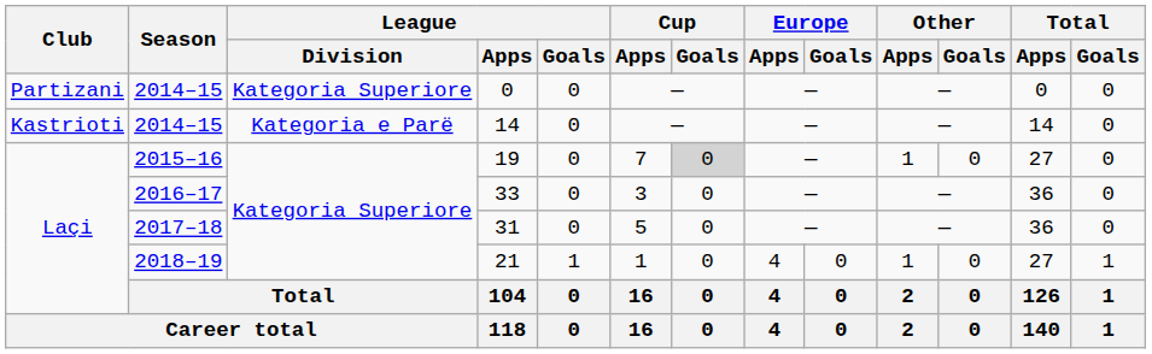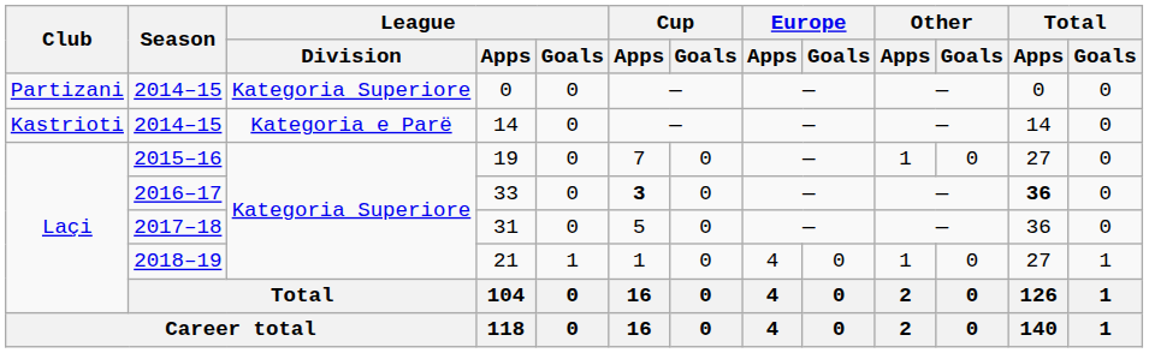 <table class="wikitable" style="text-align: center;">
 <tr>
 <th rowspan="2">Club</th>
 <th rowspan="2">Season</th>
 <th colspan="3">League</th>
 <th colspan="2">Cup</th>
 <th colspan="2"><a href='#'>Europe</a></th>
 <th colspan="2">Other</th>
 <th colspan="2">Total</th>
 </tr>
 <tr>
 <th>Division</th>
 <th>Apps</th>
 <th>Goals</th>
 <th>Apps</th>
 <th>Goals</th>
 <th>Apps</th>
 <th>Goals</th>
 <th>Apps</th>
 <th>Goals</th>
 <th>Apps</th>
 <th>Goals</th>
 </tr>
 <tr>
 <td rowspan="1" valign="center"><a href='#'>Partizani</a></td>
 <td><a href='#'>2014–15</a></td>
 <td rowspan="1" valign="center"><a href='#'>Kategoria Superiore</a></td>
 <td>0</td>
 <td>0</td>
 <td colspan="2">—</td>
 <td colspan="2">—</td>
 <td colspan="2">—</td>
 <td>0</td>
 <td>0</td>
 </tr>
 <tr>
 <td rowspan="1" valign="center"><a href='#'>Kastrioti</a></td>
 <td><a href='#'>2014–15</a></td>
 <td rowspan="1" valign="center"><a href='#'>Kategoria e Parë</a></td>
 <td>14</td>
 <td>0</td>
 <td colspan="2">—</td>
 <td colspan="2">—</td>
 <td colspan="2">—</td>
 <td>14</td>
 <td>0</td>
 </tr>
 <tr>
 <td rowspan="5" valign="center"><a href='#'>Laçi</a></td>
 <td><a href='#'>2015–16</a></td>
 <td rowspan="4" valign="center"><a href='#'>Kategoria Superiore</a></td>
 <td>19</td>
 <td>0</td>
 <td>7</td>
-<td style="background: lightgrey;">0</td>
+<td>0</td>
 <td colspan="2">—</td>
 <td>1</td>
 <td>0</td>
 <td>27</td>
 <td>0</td>
 </tr>
 <tr>
 <td><a href='#'>2016–17</a></td>
 <td>33</td>
 <td>0</td>
-<td>3</td>
+<td><strong>3</strong></td>
 <td>0</td>
 <td colspan="2">—</td>
 <td colspan="2">—</td>
-<td>36</td>
+<td><strong>36</strong></td>
 <td>0</td>
 </tr>
 <tr>
 <td><a href='#'>2017–18</a></td>
 <td>31</td>
 <td>0</td>
 <td>5</td>
 <td>0</td>
 <td colspan="2">—</td>
 <td colspan="2">—</td>
 <td>36</td>
 <td>0</td>
 </tr>
 <tr>
 <td><a href='#'>2018–19</a></td>
 <td>21</td>
 <td>1</td>
 <td>1</td>
 <td>0</td>
 <td>4</td>
 <td>0</td>
 <td>1</td>
 <td>0</td>
 <td>27</td>
 <td>1</td>
 </tr>
 <tr>
 <th colspan="2">Total</th>
 <th>104</th>
 <th>0</th>
 <th>16</th>
 <th>0</th>
 <th>4</th>
 <th>0</th>
 <th>2</th>
 <th>0</th>
 <th>126</th>
 <th>1</th>
 </tr>
 <tr>
 <th colspan="3">Career total</th>
 <th>118</th>
 <th>0</th>
 <th>16</th>
 <th>0</th>
 <th>4</th>
 <th>0</th>
 <th>2</th>
 <th>0</th>
 <th>140</th>
 <th>1</th>
 </tr>
 </table>
